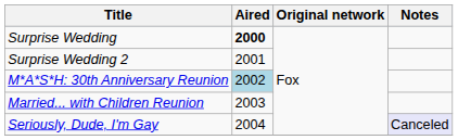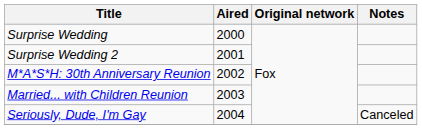 <table class="wikitable">
 <tr style="background:#b0c4de; text-align:center;">
 <th>Title</th>
 <th>Aired</th>
 <th>Original network</th>
 <th>Notes</th>
 </tr>
 <tr>
 <td><em>Surprise Wedding</em></td>
-<td><strong>2000</strong></td>
+<td>2000</td>
 <td rowspan="5">Fox</td>
 <td></td>
 </tr>
 <tr>
 <td><em>Surprise Wedding 2</em></td>
 <td>2001</td>
 <td></td>
 </tr>
 <tr>
 <td><em><a href='#'>M*A*S*H: 30th Anniversary Reunion</a></em></td>
-<td style="background: lightblue;">2002</td>
+<td>2002</td>
 <td></td>
 </tr>
 <tr>
 <td><em><a href='#'>Married... with Children Reunion</a></em></td>
 <td>2003</td>
 <td></td>
 </tr>
 <tr>
 <td><em><a href='#'>Seriously, Dude, I'm Gay</a></em></td>
 <td>2004</td>
-<td style="background: lavender;">Canceled</td>
+<td>Canceled</td>
 </tr>
 <tr>
 </tr>
 </table>
